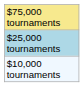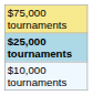 <table class="wikitable"  style="font-size:85%; width:12%;">
 <tr style="background:#f7e98e;">
 <td>$75,000 tournaments</td>
 </tr>
 <tr style="background:lightblue;">
-<td>$25,000 tournaments</td>
+<td><strong>$25,000 tournaments</strong></td>
 </tr>
 <tr style="background:#f0f8ff;">
 <td>$10,000 tournaments</td>
 </tr>
 </table>
